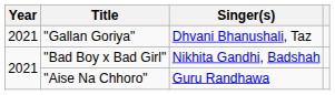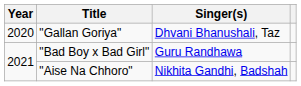 <table class="wikitable sortable">
 <tr>
 <th scope="col">Year</th>
 <th scope="col">Title</th>
 <th scope="col">Singer(s)</th>
 <th class="unsortable" scope="col"></th>
 </tr>
 <tr>
-<td>2021</td>
+<td>2020</td>
 <td>"Gallan Goriya"</td>
 <td><a href='#'>Dhvani Bhanushali</a>, Taz</td>
 <td></td>
 </tr>
 <tr>
 <td rowspan="2">2021</td>
 <td>"Bad Boy x Bad Girl"</td>
-<td><a href='#'>Nikhita Gandhi</a>, <a href='#'>Badshah</a></td>
+<td><a href='#'>Guru Randhawa</a></td>
 <td></td>
 </tr>
 <tr>
 <td>"Aise Na Chhoro"</td>
-<td><a href='#'>Guru Randhawa</a></td>
+<td><a href='#'>Nikhita Gandhi</a>, <a href='#'>Badshah</a></td>
 <td></td>
 </tr>
 </table>
